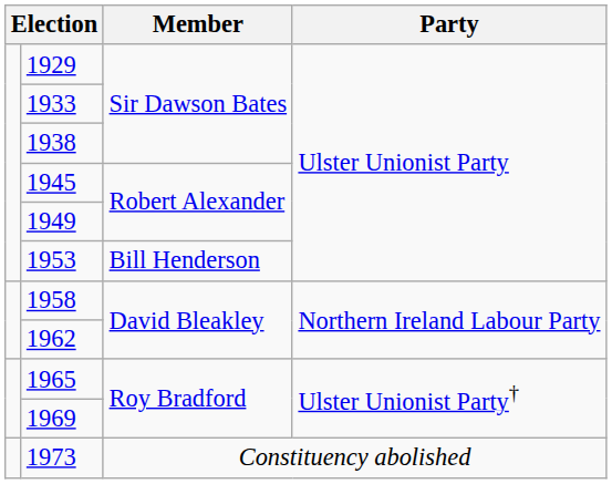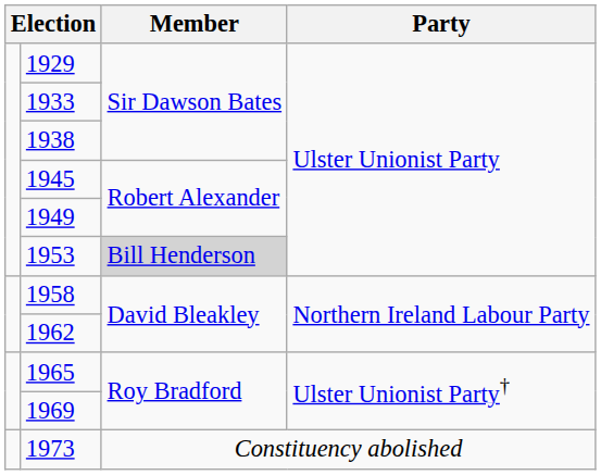 <table class="wikitable">
 <tr>
 <th colspan="2">Election</th>
 <th>Member</th>
 <th>Party</th>
 </tr>
 <tr>
 <td rowspan="6" style="background-color: "></td>
 <td><a href='#'>1929</a></td>
 <td rowspan="3"><a href='#'>Sir Dawson Bates</a></td>
 <td rowspan="6"><a href='#'>Ulster Unionist Party</a></td>
 </tr>
 <tr>
 <td><a href='#'>1933</a></td>
 </tr>
 <tr>
 <td><a href='#'>1938</a></td>
 </tr>
 <tr>
 <td><a href='#'>1945</a></td>
 <td rowspan="2"><a href='#'>Robert Alexander</a></td>
 </tr>
 <tr>
 <td><a href='#'>1949</a></td>
 </tr>
 <tr>
 <td><a href='#'>1953</a></td>
-<td><a href='#'>Bill Henderson</a></td>
+<td style="background: lightgrey;"><a href='#'>Bill Henderson</a></td>
 </tr>
 <tr>
 <td rowspan="2" style="background-color: "></td>
 <td><a href='#'>1958</a></td>
 <td rowspan="2"><a href='#'>David Bleakley</a></td>
 <td rowspan="2"><a href='#'>Northern Ireland Labour Party</a></td>
 </tr>
 <tr>
 <td><a href='#'>1962</a></td>
 </tr>
 <tr>
 <td rowspan="2" style="background-color: "></td>
 <td><a href='#'>1965</a></td>
 <td rowspan="2"><a href='#'>Roy Bradford</a></td>
 <td rowspan="2"><a href='#'>Ulster Unionist Party</a><sup>†</sup></td>
 </tr>
 <tr>
 <td><a href='#'>1969</a></td>
 </tr>
 <tr>
 <td></td>
 <td><a href='#'>1973</a></td>
 <td colspan="3" align=center><em>Constituency abolished</em></td>
 </tr>
 </table>
